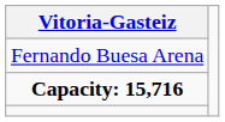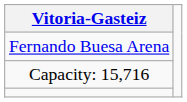 <table class="wikitable" style="margin:1em auto; text-align:center">
 <tr>
 <th><a href='#'>Vitoria-Gasteiz</a></th>
 <td rowspan=4></td>
 </tr>
 <tr>
 <td><a href='#'>Fernando Buesa Arena</a></td>
 </tr>
 <tr>
-<td><strong>Capacity: 15,716</strong></td>
+<td>Capacity: 15,716</td>
 </tr>
 <tr>
 <td></td>
 </tr>
 </table>
